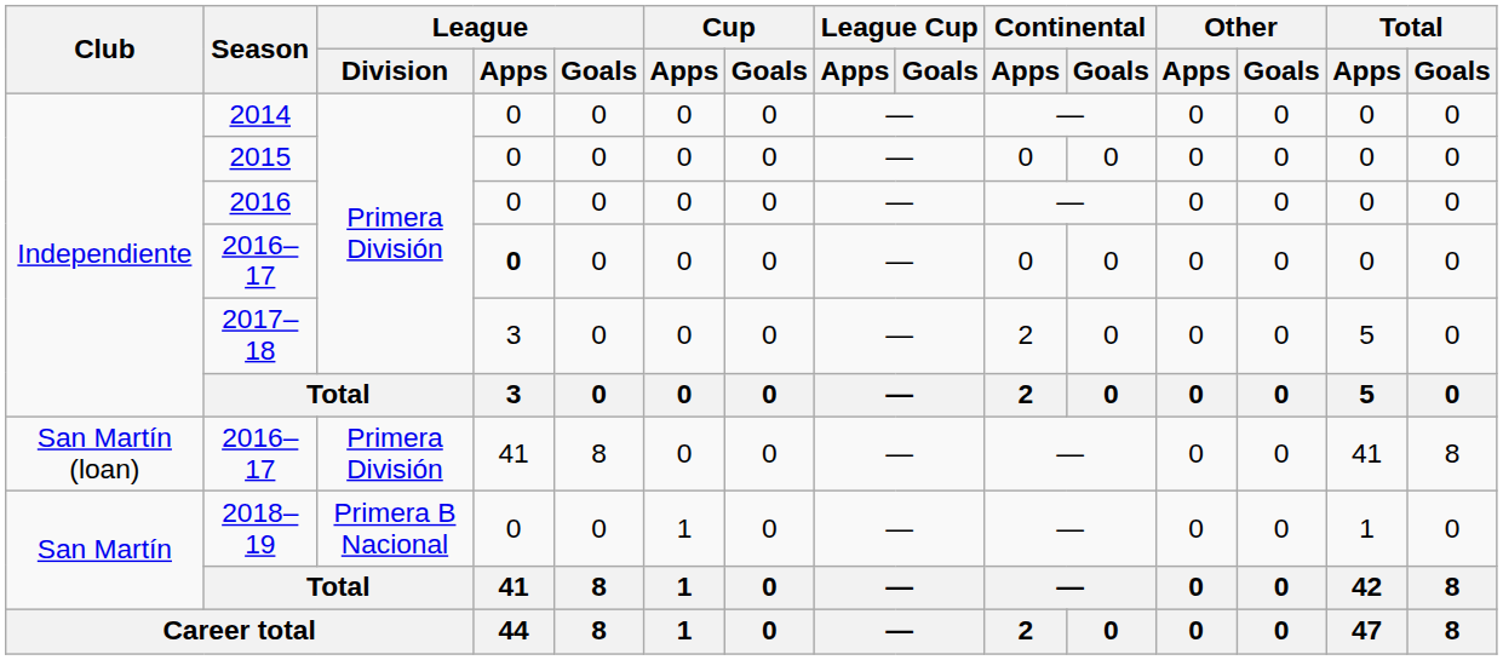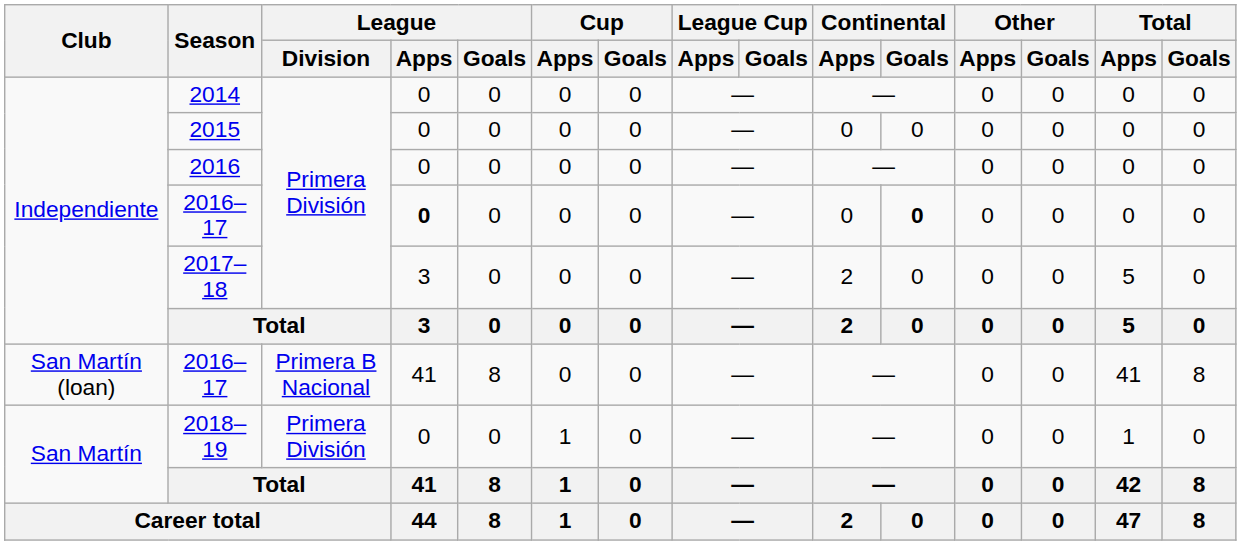 <table class="wikitable" style="text-align:center">
 <tr>
 <th rowspan="2">Club</th>
 <th rowspan="2">Season</th>
 <th colspan="3">League</th>
 <th colspan="2">Cup</th>
 <th colspan="2">League Cup</th>
 <th colspan="2">Continental</th>
 <th colspan="2">Other</th>
 <th colspan="2">Total</th>
 </tr>
 <tr>
 <th>Division</th>
 <th>Apps</th>
 <th>Goals</th>
 <th>Apps</th>
 <th>Goals</th>
 <th>Apps</th>
 <th>Goals</th>
 <th>Apps</th>
 <th>Goals</th>
 <th>Apps</th>
 <th>Goals</th>
 <th>Apps</th>
 <th>Goals</th>
 </tr>
 <tr>
 <td rowspan="6"><a href='#'>Independiente</a></td>
 <td><a href='#'>2014</a></td>
 <td rowspan="5"><a href='#'>Primera División</a></td>
 <td>0</td>
 <td>0</td>
 <td>0</td>
 <td>0</td>
 <td colspan="2">—</td>
 <td colspan="2">—</td>
 <td>0</td>
 <td>0</td>
 <td>0</td>
 <td>0</td>
 </tr>
 <tr>
 <td><a href='#'>2015</a></td>
 <td>0</td>
 <td>0</td>
 <td>0</td>
 <td>0</td>
 <td colspan="2">—</td>
 <td>0</td>
 <td>0</td>
 <td>0</td>
 <td>0</td>
 <td>0</td>
 <td>0</td>
 </tr>
 <tr>
 <td><a href='#'>2016</a></td>
 <td>0</td>
 <td>0</td>
 <td>0</td>
 <td>0</td>
 <td colspan="2">—</td>
 <td colspan="2">—</td>
 <td>0</td>
 <td>0</td>
 <td>0</td>
 <td>0</td>
 </tr>
 <tr>
 <td><a href='#'>2016–17</a></td>
 <td><strong>0</strong></td>
 <td>0</td>
 <td>0</td>
 <td>0</td>
 <td colspan="2">—</td>
 <td>0</td>
-<td>0</td>
+<td><strong>0</strong></td>
 <td>0</td>
 <td>0</td>
 <td>0</td>
 <td>0</td>
 </tr>
 <tr>
 <td><a href='#'>2017–18</a></td>
 <td>3</td>
 <td>0</td>
 <td>0</td>
 <td>0</td>
 <td colspan="2">—</td>
 <td>2</td>
 <td>0</td>
 <td>0</td>
 <td>0</td>
 <td>5</td>
 <td>0</td>
 </tr>
 <tr>
 <th colspan="2">Total</th>
 <th>3</th>
 <th>0</th>
 <th>0</th>
 <th>0</th>
 <th colspan="2">—</th>
 <th>2</th>
 <th>0</th>
 <th>0</th>
 <th>0</th>
 <th>5</th>
 <th>0</th>
 </tr>
 <tr>
 <td rowspan="1"><a href='#'>San Martín</a> (loan)</td>
 <td><a href='#'>2016–17</a></td>
-<td rowspan="1"><a href='#'>Primera División</a></td>
+<td rowspan="1"><a href='#'>Primera B Nacional</a></td>
 <td>41</td>
 <td>8</td>
 <td>0</td>
 <td>0</td>
 <td colspan="2">—</td>
 <td colspan="2">—</td>
 <td>0</td>
 <td>0</td>
 <td>41</td>
 <td>8</td>
 </tr>
 <tr>
 <td rowspan="2"><a href='#'>San Martín</a></td>
 <td><a href='#'>2018–19</a></td>
-<td rowspan="1"><a href='#'>Primera B Nacional</a></td>
+<td rowspan="1"><a href='#'>Primera División</a></td>
 <td>0</td>
 <td>0</td>
 <td>1</td>
 <td>0</td>
 <td colspan="2">—</td>
 <td colspan="2">—</td>
 <td>0</td>
 <td>0</td>
 <td>1</td>
 <td>0</td>
 </tr>
 <tr>
 <th colspan="2">Total</th>
 <th>41</th>
 <th>8</th>
 <th>1</th>
 <th>0</th>
 <th colspan="2">—</th>
 <th colspan="2">—</th>
 <th>0</th>
 <th>0</th>
 <th>42</th>
 <th>8</th>
 </tr>
 <tr>
 <th colspan="3">Career total</th>
 <th>44</th>
 <th>8</th>
 <th>1</th>
 <th>0</th>
 <th colspan="2">—</th>
 <th>2</th>
 <th>0</th>
 <th>0</th>
 <th>0</th>
 <th>47</th>
 <th>8</th>
 </tr>
 </table>
